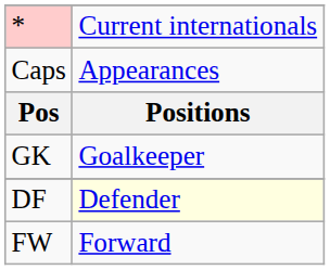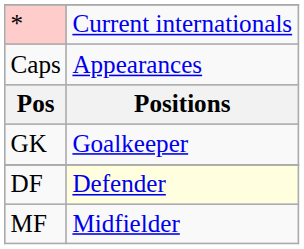 <table class="wikitable floatright">
 <tr>
 </tr>
 <tr>
 <td style="background-color:#FFCCCC">*</td>
 <td><a href='#'>Current internationals</a></td>
 </tr>
 <tr>
 <td>Caps</td>
 <td><a href='#'>Appearances</a></td>
 </tr>
 <tr>
 <th>Pos</th>
 <th style="align: left">Positions</th>
 </tr>
 <tr>
 <td>GK</td>
 <td><a href='#'>Goalkeeper</a></td>
 </tr>
 <tr>
 </tr>
 <tr>
 <td>DF</td>
 <td style="background: lightyellow;"><a href='#'>Defender</a></td>
 </tr>
 <tr>
-<td>FW</td>
-<td><a href='#'>Forward</a></td>
+<td>MF</td>
+<td><a href='#'>Midfielder</a></td>
 </tr>
 </table>
